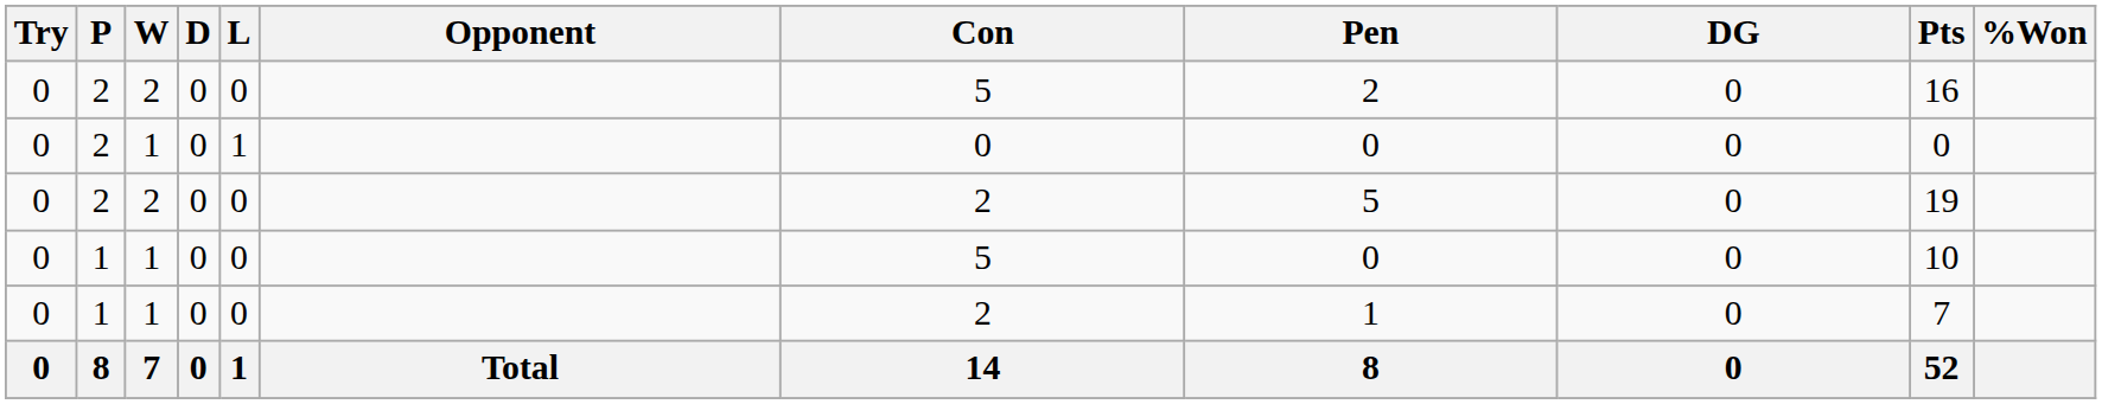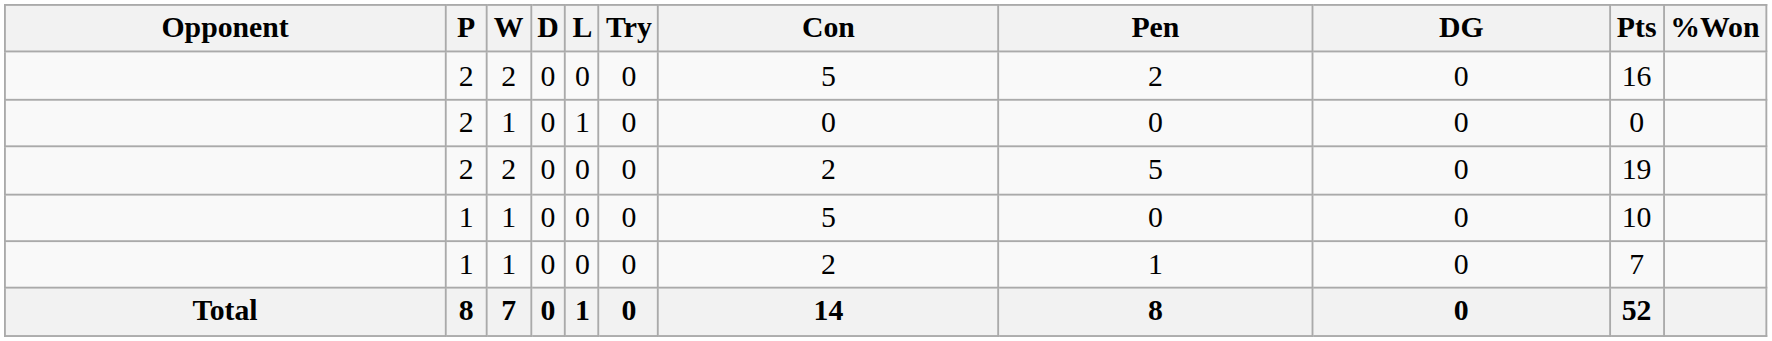 <table class="wikitable sortable" style="text-align:center;width:75%">
 <tr>
-<th abbr="Tries" style="width:15px;">Try</th>
+<th style="width:25%;">Opponent</th>
 <th abbr="Played" style="width:15px;">P</th>
 <th abbr="Won" style="width:10px;">W</th>
 <th abbr="Drawn" style="width:10px;">D</th>
 <th abbr="Lost" style="width:10px;">L</th>
-<th style="width:25%;">Opponent</th>
+<th abbr="Tries" style="width:15px;">Try</th>
 <th>Con</th>
 <th>Pen</th>
 <th>DG</th>
 <th abbr="Points" style="width:18px;">Pts</th>
 <th abbr="Won" style="width:15px;">%Won</th>
 </tr>
 <tr>
-<td>0</td>
+<td align="left"></td>
 <td>2</td>
 <td>2</td>
 <td>0</td>
 <td>0</td>
-<td align="left"></td>
+<td>0</td>
 <td>5</td>
 <td>2</td>
 <td>0</td>
 <td>16</td>
 <td></td>
 </tr>
 <tr>
-<td>0</td>
+<td align="left"></td>
 <td>2</td>
 <td>1</td>
 <td>0</td>
 <td>1</td>
-<td align="left"></td>
+<td>0</td>
 <td>0</td>
 <td>0</td>
 <td>0</td>
 <td>0</td>
 <td></td>
 </tr>
 <tr>
-<td>0</td>
+<td align="left"></td>
 <td>2</td>
 <td>2</td>
 <td>0</td>
 <td>0</td>
-<td align="left"></td>
+<td>0</td>
 <td>2</td>
 <td>5</td>
 <td>0</td>
 <td>19</td>
 <td></td>
 </tr>
 <tr>
-<td>0</td>
+<td align="left"></td>
 <td>1</td>
 <td>1</td>
 <td>0</td>
 <td>0</td>
-<td align="left"></td>
+<td>0</td>
 <td>5</td>
 <td>0</td>
 <td>0</td>
 <td>10</td>
 <td></td>
 </tr>
 <tr>
-<td>0</td>
+<td align="left"></td>
 <td>1</td>
 <td>1</td>
 <td>0</td>
 <td>0</td>
-<td align="left"></td>
+<td>0</td>
 <td>2</td>
 <td>1</td>
 <td>0</td>
 <td>7</td>
 <td></td>
 </tr>
 <tr>
-<th>0</th>
+<th>Total</th>
 <th>8</th>
 <th>7</th>
 <th>0</th>
 <th>1</th>
-<th>Total</th>
+<th>0</th>
 <th>14</th>
 <th>8</th>
 <th>0</th>
 <th>52</th>
 <th></th>
 </tr>
 </table>
